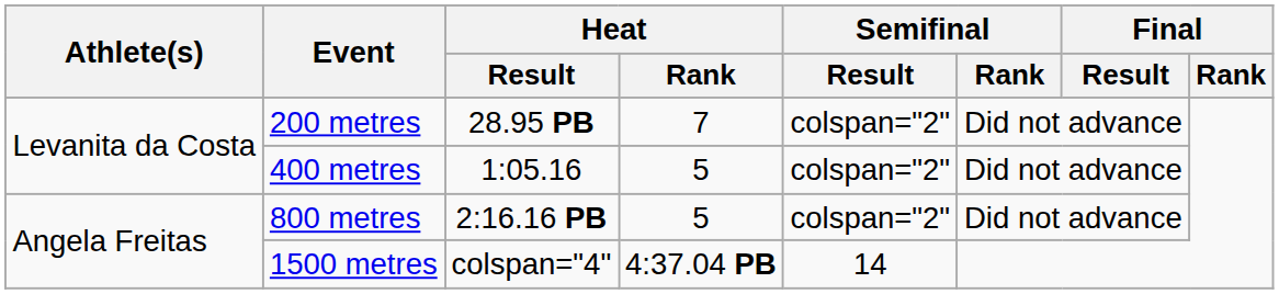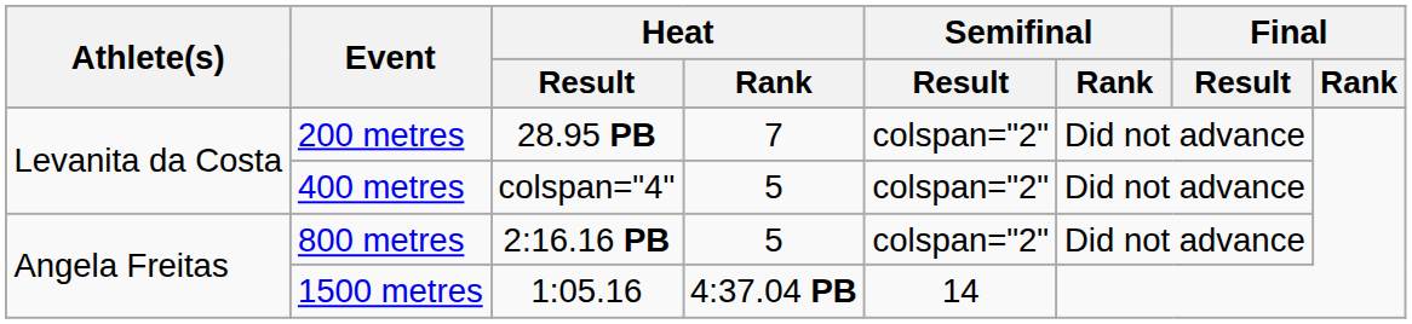 <table class="wikitable" style="font-size:90%">
 <tr>
 <th rowspan="2">Athlete(s)</th>
 <th rowspan="2">Event</th>
 <th colspan="2">Heat</th>
 <th colspan="2">Semifinal</th>
 <th colspan="2">Final</th>
 </tr>
 <tr style="font-size:95%">
 <th>Result</th>
 <th>Rank</th>
 <th>Result</th>
 <th>Rank</th>
 <th>Result</th>
 <th>Rank</th>
 </tr>
 <tr align=center>
 <td align=left rowspan="2">Levanita da Costa</td>
 <td style="text-align:left;"><a href='#'>200 metres</a></td>
 <td>28.95 <strong>PB</strong></td>
 <td>7</td>
 <td>colspan="2" </td>
 <td colspan="2">Did not advance</td>
 </tr>
 <tr align=center>
 <td style="text-align:left;"><a href='#'>400 metres</a></td>
-<td>1:05.16</td>
+<td>colspan="4" </td>
 <td>5</td>
 <td>colspan="2" </td>
 <td colspan="2">Did not advance</td>
 </tr>
 <tr align=center>
 <td align=left rowspan="2">Angela Freitas</td>
 <td style="text-align:left;"><a href='#'>800 metres</a></td>
 <td>2:16.16 <strong>PB</strong></td>
 <td>5</td>
 <td>colspan="2" </td>
 <td colspan="2">Did not advance</td>
 </tr>
 <tr align=center>
 <td style="text-align:left;"><a href='#'>1500 metres</a></td>
-<td>colspan="4" </td>
+<td>1:05.16</td>
 <td>4:37.04 <strong>PB</strong></td>
 <td>14</td>
 </tr>
 </table>
